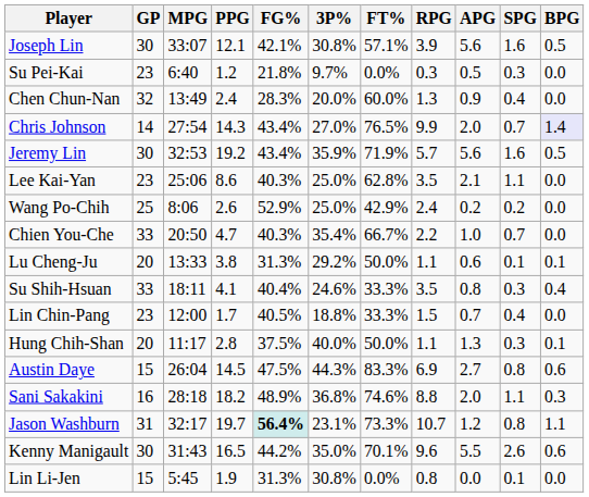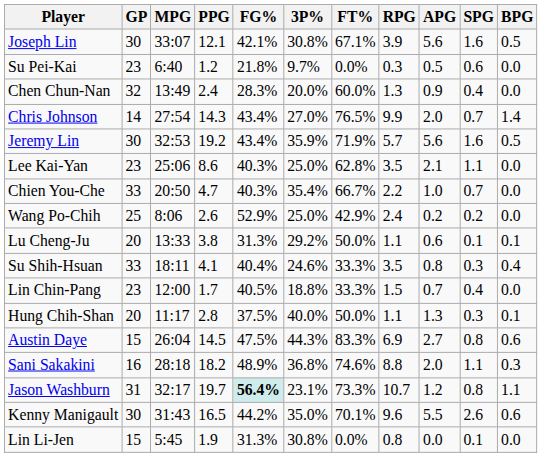 <table class="wikitable">
 <tr>
 <th>Player</th>
 <th>GP</th>
 <th>MPG</th>
 <th>PPG</th>
 <th>FG%</th>
 <th>3P%</th>
 <th>FT%</th>
 <th>RPG</th>
 <th>APG</th>
 <th>SPG</th>
 <th>BPG</th>
 </tr>
 <tr>
 <td><a href='#'>Joseph Lin</a></td>
 <td>30</td>
 <td>33:07</td>
 <td>12.1</td>
 <td>42.1%</td>
 <td>30.8%</td>
-<td>57.1%</td>
+<td>67.1%</td>
 <td>3.9</td>
 <td>5.6</td>
 <td>1.6</td>
 <td>0.5</td>
 </tr>
 <tr>
 <td>Su Pei-Kai</td>
 <td>23</td>
 <td>6:40</td>
 <td>1.2</td>
 <td>21.8%</td>
 <td>9.7%</td>
 <td>0.0%</td>
 <td>0.3</td>
 <td>0.5</td>
-<td>0.3</td>
+<td>0.6</td>
 <td>0.0</td>
 </tr>
 <tr>
 <td>Chen Chun-Nan</td>
 <td>32</td>
 <td>13:49</td>
 <td>2.4</td>
 <td>28.3%</td>
 <td>20.0%</td>
 <td>60.0%</td>
 <td>1.3</td>
 <td>0.9</td>
 <td>0.4</td>
 <td>0.0</td>
 </tr>
 <tr>
 <td><a href='#'>Chris Johnson</a></td>
 <td>14</td>
 <td>27:54</td>
 <td>14.3</td>
 <td>43.4%</td>
 <td>27.0%</td>
 <td>76.5%</td>
 <td>9.9</td>
 <td>2.0</td>
 <td>0.7</td>
-<td style="background: lavender;">1.4</td>
+<td>1.4</td>
 </tr>
 <tr>
 <td><a href='#'>Jeremy Lin</a></td>
 <td>30</td>
 <td>32:53</td>
 <td>19.2</td>
 <td>43.4%</td>
 <td>35.9%</td>
 <td>71.9%</td>
 <td>5.7</td>
 <td>5.6</td>
 <td>1.6</td>
 <td>0.5</td>
 </tr>
 <tr>
 <td>Lee Kai-Yan</td>
 <td>23</td>
 <td>25:06</td>
 <td>8.6</td>
 <td>40.3%</td>
 <td>25.0%</td>
 <td>62.8%</td>
 <td>3.5</td>
 <td>2.1</td>
 <td>1.1</td>
 <td>0.0</td>
 </tr>
 <tr>
+<td>Chien You-Che</td>
+<td>33</td>
+<td>20:50</td>
+<td>4.7</td>
+<td>40.3%</td>
+<td>35.4%</td>
+<td>66.7%</td>
+<td>2.2</td>
+<td>1.0</td>
+<td>0.7</td>
+<td>0.0</td>
+</tr>
+<tr>
 <td>Wang Po-Chih</td>
 <td>25</td>
 <td>8:06</td>
 <td>2.6</td>
 <td>52.9%</td>
 <td>25.0%</td>
 <td>42.9%</td>
 <td>2.4</td>
 <td>0.2</td>
 <td>0.2</td>
-<td>0.0</td>
-</tr>
-<tr>
-<td>Chien You-Che</td>
-<td>33</td>
-<td>20:50</td>
-<td>4.7</td>
-<td>40.3%</td>
-<td>35.4%</td>
-<td>66.7%</td>
-<td>2.2</td>
-<td>1.0</td>
-<td>0.7</td>
 <td>0.0</td>
 </tr>
 <tr>
 <td>Lu Cheng-Ju</td>
 <td>20</td>
 <td>13:33</td>
 <td>3.8</td>
 <td>31.3%</td>
 <td>29.2%</td>
 <td>50.0%</td>
 <td>1.1</td>
 <td>0.6</td>
 <td>0.1</td>
 <td>0.1</td>
 </tr>
 <tr>
 <td>Su Shih-Hsuan</td>
 <td>33</td>
 <td>18:11</td>
 <td>4.1</td>
 <td>40.4%</td>
 <td>24.6%</td>
 <td>33.3%</td>
 <td>3.5</td>
 <td>0.8</td>
 <td>0.3</td>
 <td>0.4</td>
 </tr>
 <tr>
 <td>Lin Chin-Pang</td>
 <td>23</td>
 <td>12:00</td>
 <td>1.7</td>
 <td>40.5%</td>
 <td>18.8%</td>
 <td>33.3%</td>
 <td>1.5</td>
 <td>0.7</td>
 <td>0.4</td>
 <td>0.0</td>
 </tr>
 <tr>
 <td>Hung Chih-Shan</td>
 <td>20</td>
 <td>11:17</td>
 <td>2.8</td>
 <td>37.5%</td>
 <td>40.0%</td>
 <td>50.0%</td>
 <td>1.1</td>
 <td>1.3</td>
 <td>0.3</td>
 <td>0.1</td>
 </tr>
 <tr>
 <td><a href='#'>Austin Daye</a></td>
 <td>15</td>
 <td>26:04</td>
 <td>14.5</td>
 <td>47.5%</td>
 <td>44.3%</td>
 <td>83.3%</td>
 <td>6.9</td>
 <td>2.7</td>
 <td>0.8</td>
 <td>0.6</td>
 </tr>
 <tr>
 <td><a href='#'>Sani Sakakini</a></td>
 <td>16</td>
 <td>28:18</td>
 <td>18.2</td>
 <td>48.9%</td>
 <td>36.8%</td>
 <td>74.6%</td>
 <td>8.8</td>
 <td>2.0</td>
 <td>1.1</td>
 <td>0.3</td>
 </tr>
 <tr>
 <td><a href='#'>Jason Washburn</a></td>
 <td>31</td>
 <td>32:17</td>
 <td>19.7</td>
 <td style="background-color: #CFECEC"><strong>56.4%</strong></td>
 <td>23.1%</td>
 <td>73.3%</td>
 <td>10.7</td>
 <td>1.2</td>
 <td>0.8</td>
 <td>1.1</td>
 </tr>
 <tr>
 <td>Kenny Manigault</td>
 <td>30</td>
 <td>31:43</td>
 <td>16.5</td>
 <td>44.2%</td>
 <td>35.0%</td>
 <td>70.1%</td>
 <td>9.6</td>
 <td>5.5</td>
 <td>2.6</td>
 <td>0.6</td>
 </tr>
 <tr>
 <td>Lin Li-Jen</td>
 <td>15</td>
 <td>5:45</td>
 <td>1.9</td>
 <td>31.3%</td>
 <td>30.8%</td>
 <td>0.0%</td>
 <td>0.8</td>
 <td>0.0</td>
 <td>0.1</td>
 <td>0.0</td>
 </tr>
 </table>
